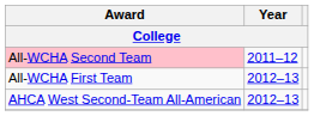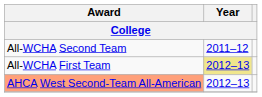 <table class="wikitable">
 <tr>
 <th>Award</th>
 <th>Year</th>
 <th></th>
 </tr>
 <tr>
 <th colspan="3"><a href='#'>College</a></th>
 </tr>
 <tr>
-<td style="background: pink;">All-<a href='#'>WCHA</a> <a href='#'>Second Team</a></td>
+<td>All-<a href='#'>WCHA</a> <a href='#'>Second Team</a></td>
 <td><a href='#'>2011–12</a></td>
 <td></td>
 </tr>
 <tr>
 <td>All-<a href='#'>WCHA</a> <a href='#'>First Team</a></td>
-<td><a href='#'>2012–13</a></td>
+<td style="background: khaki;"><a href='#'>2012–13</a></td>
 <td></td>
 </tr>
 <tr>
-<td><a href='#'>AHCA</a> <a href='#'>West Second-Team All-American</a></td>
+<td style="background: lightsalmon;"><a href='#'>AHCA</a> <a href='#'>West Second-Team All-American</a></td>
 <td><a href='#'>2012–13</a></td>
 <td></td>
 </tr>
 <tr>
 </tr>
 </table>
